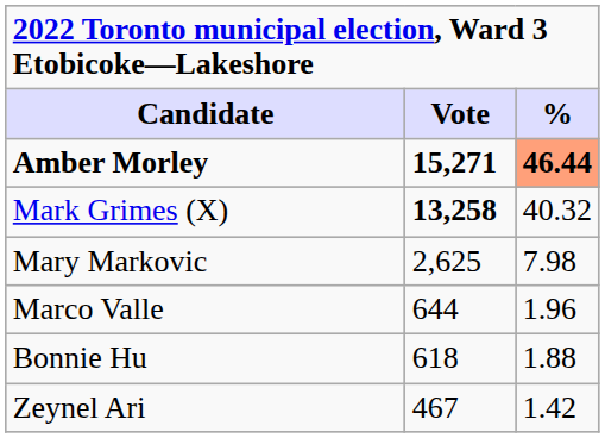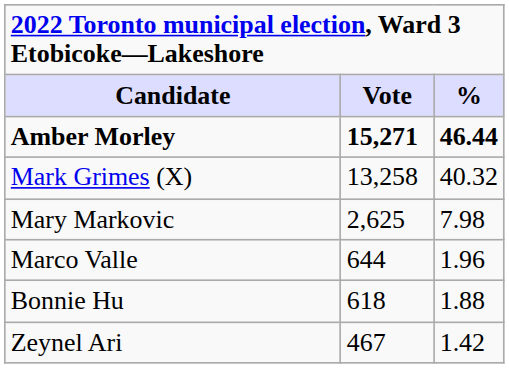 <table class="wikitable">
 <tr>
 <td colspan="3"><strong><a href='#'>2022 Toronto municipal election</a>, Ward 3 Etobicoke—Lakeshore</strong></td>
 </tr>
 <tr>
 <th style="background:#ddf; width:200px;">Candidate</th>
 <th style="background:#ddf; width:50px;">Vote</th>
 <th style="background:#ddf; width:30px;">%</th>
 </tr>
 <tr>
 <td><strong>Amber Morley</strong></td>
 <td><strong>15,271</strong></td>
-<td style="background: lightsalmon;"><strong>46.44</strong></td>
+<td><strong>46.44</strong></td>
 </tr>
 <tr>
 <td><a href='#'>Mark Grimes</a> (X)</td>
-<td><strong>13,258</strong></td>
+<td>13,258</td>
 <td>40.32</td>
 </tr>
 <tr>
 <td>Mary Markovic</td>
 <td>2,625</td>
 <td>7.98</td>
 </tr>
 <tr>
 <td>Marco Valle</td>
 <td>644</td>
 <td>1.96</td>
 </tr>
 <tr>
 <td>Bonnie Hu</td>
 <td>618</td>
 <td>1.88</td>
 </tr>
 <tr>
 <td>Zeynel Ari</td>
 <td>467</td>
 <td>1.42</td>
 </tr>
 </table>
